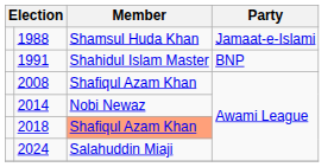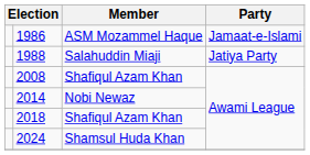 <table class="wikitable">
 <tr>
 <th colspan="2">Election</th>
 <th>Member</th>
 <th>Party</th>
 </tr>
 <tr>
 <td style="background-color:"></td>
-<td><a href='#'>1988</a></td>
-<td><a href='#'>Shamsul Huda Khan</a></td>
+<td><a href='#'>1986</a></td>
+<td><a href='#'>ASM Mozammel Haque</a></td>
 <td><a href='#'>Jamaat-e-Islami</a></td>
 </tr>
 <tr>
 <td style="background-color:"></td>
-<td><a href='#'>1991</a></td>
-<td><a href='#'>Shahidul Islam Master</a></td>
-<td><a href='#'>BNP</a></td>
+<td><a href='#'>1988</a></td>
+<td><a href='#'>Salahuddin Miaji</a></td>
+<td><a href='#'>Jatiya Party</a></td>
 </tr>
 <tr>
 <td style="background-color:"></td>
 <td><a href='#'>2008</a></td>
 <td><a href='#'>Shafiqul Azam Khan</a></td>
 <td rowspan="4"><a href='#'>Awami League</a></td>
 </tr>
 <tr>
 <td style="background-color:"></td>
 <td><a href='#'>2014</a></td>
 <td><a href='#'>Nobi Newaz</a></td>
 </tr>
 <tr>
 <td style="background-color:"></td>
 <td><a href='#'>2018</a></td>
-<td style="background: lightsalmon;"><a href='#'>Shafiqul Azam Khan</a></td>
+<td><a href='#'>Shafiqul Azam Khan</a></td>
 </tr>
 <tr>
 <td style="background-color:"></td>
 <td><a href='#'>2024</a></td>
-<td><a href='#'>Salahuddin Miaji</a></td>
+<td><a href='#'>Shamsul Huda Khan</a></td>
 </tr>
 <tr>
 </tr>
 </table>
